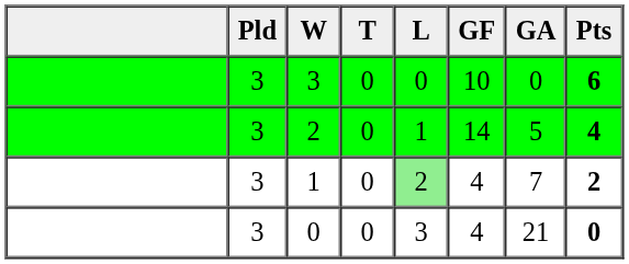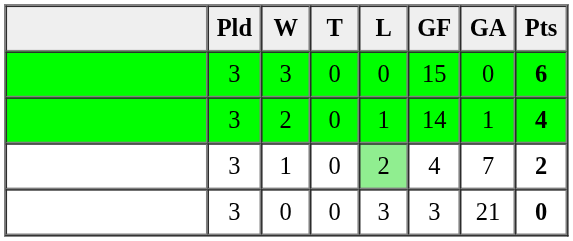 <table border=1 cellpadding=5 cellspacing=0>
 <tr>
 <th bgcolor="#efefef" width="120"></th>
 <th bgcolor="#efefef" width="20">Pld</th>
 <th bgcolor="#efefef" width="20">W</th>
 <th bgcolor="#efefef" width="20">T</th>
 <th bgcolor="#efefef" width="20">L</th>
 <th bgcolor="#efefef" width="20">GF</th>
 <th bgcolor="#efefef" width="20">GA</th>
 <th bgcolor="#efefef" width="20">Pts</th>
 </tr>
 <tr align=center bgcolor="lime">
 <td align=left></td>
 <td>3</td>
 <td>3</td>
 <td>0</td>
 <td>0</td>
-<td>10</td>
+<td>15</td>
 <td>0</td>
 <td><strong>6</strong></td>
 </tr>
 <tr align=center bgcolor="lime">
 <td align=left></td>
 <td>3</td>
 <td>2</td>
 <td>0</td>
 <td>1</td>
 <td>14</td>
-<td>5</td>
+<td>1</td>
 <td><strong>4</strong></td>
 </tr>
 <tr align=center>
 <td align=left></td>
 <td>3</td>
 <td>1</td>
 <td>0</td>
 <td style="background: lightgreen;">2</td>
 <td>4</td>
 <td>7</td>
 <td><strong>2</strong></td>
 </tr>
 <tr align=center>
 <td align=left></td>
 <td>3</td>
 <td>0</td>
 <td>0</td>
 <td>3</td>
-<td>4</td>
+<td>3</td>
 <td>21</td>
 <td><strong>0</strong></td>
 </tr>
 <tr align=center>
 </tr>
 </table>
